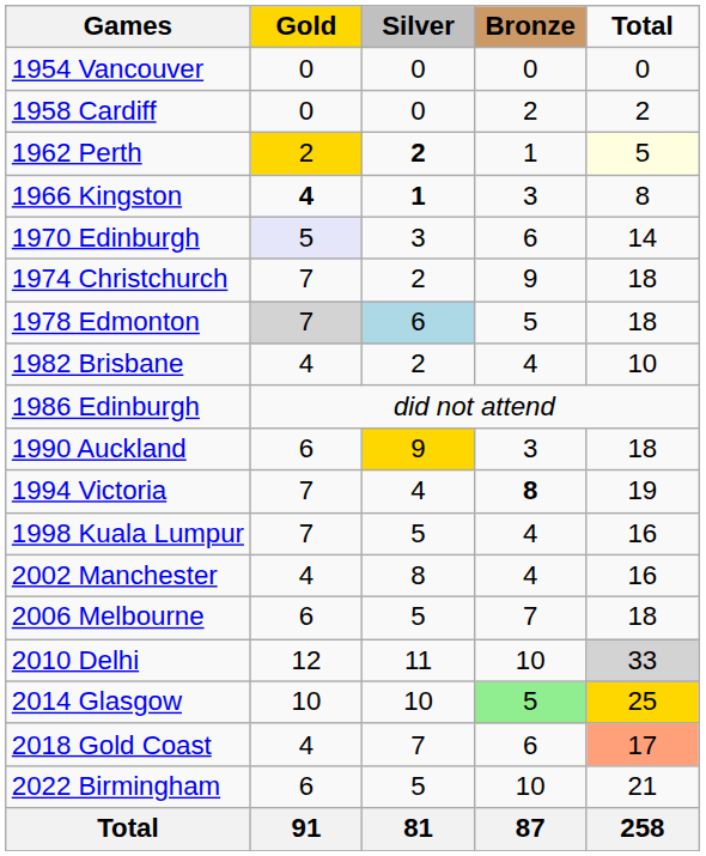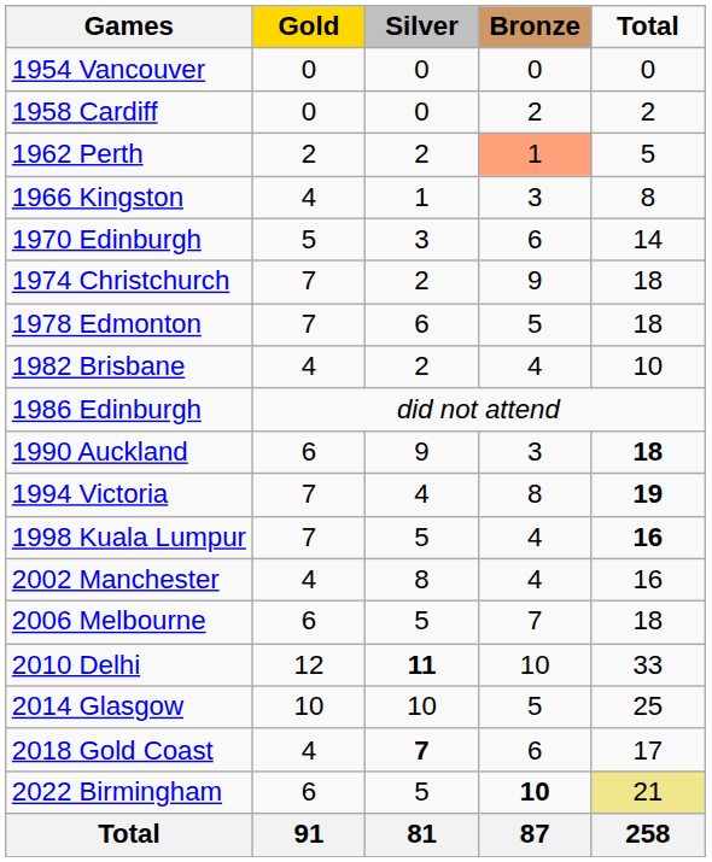 <table class="wikitable" style="text-align:center">
 <tr>
 <th>Games</th>
 <td width=60 bgcolor=gold><strong>Gold</strong></td>
 <td width=60 bgcolor=silver><strong>Silver</strong></td>
 <td width=60 bgcolor=cc9966><strong>Bronze</strong></td>
 <td width=60><strong>Total</strong></td>
 </tr>
 <tr>
 <td align=left><a href='#'>1954 Vancouver</a></td>
 <td>0</td>
 <td>0</td>
 <td>0</td>
 <td>0</td>
 </tr>
 <tr>
 <td align=left><a href='#'>1958 Cardiff</a></td>
 <td>0</td>
 <td>0</td>
 <td>2</td>
 <td>2</td>
 </tr>
 <tr>
 <td align=left><a href='#'>1962 Perth</a></td>
-<td style="background: gold;">2</td>
-<td><strong>2</strong></td>
-<td>1</td>
-<td style="background: lightyellow;">5</td>
+<td>2</td>
+<td>2</td>
+<td style="background: lightsalmon;">1</td>
+<td>5</td>
 </tr>
 <tr>
 <td align=left><a href='#'>1966 Kingston</a></td>
-<td><strong>4</strong></td>
-<td><strong>1</strong></td>
+<td>4</td>
+<td>1</td>
 <td>3</td>
 <td>8</td>
 </tr>
 <tr>
 <td align=left><a href='#'>1970 Edinburgh</a></td>
-<td style="background: lavender;">5</td>
+<td>5</td>
 <td>3</td>
 <td>6</td>
 <td>14</td>
 </tr>
 <tr>
 <td align=left><a href='#'>1974 Christchurch</a></td>
 <td>7</td>
 <td>2</td>
 <td>9</td>
 <td>18</td>
 </tr>
 <tr>
 <td align=left><a href='#'>1978 Edmonton</a></td>
-<td style="background: lightgrey;">7</td>
-<td style="background: lightblue;">6</td>
+<td>7</td>
+<td>6</td>
 <td>5</td>
 <td>18</td>
 </tr>
 <tr>
 <td align=left><a href='#'>1982 Brisbane</a></td>
 <td>4</td>
 <td>2</td>
 <td>4</td>
 <td>10</td>
 </tr>
 <tr>
 <td align=left><a href='#'>1986 Edinburgh</a></td>
 <td colspan=4><em>did not attend</em></td>
 </tr>
 <tr>
 <td align=left><a href='#'>1990 Auckland</a></td>
 <td>6</td>
-<td style="background: gold;">9</td>
+<td>9</td>
 <td>3</td>
-<td>18</td>
+<td><strong>18</strong></td>
 </tr>
 <tr>
 <td align=left><a href='#'>1994 Victoria</a></td>
 <td>7</td>
 <td>4</td>
-<td><strong>8</strong></td>
-<td>19</td>
+<td>8</td>
+<td><strong>19</strong></td>
 </tr>
 <tr>
 <td align=left><a href='#'>1998 Kuala Lumpur</a></td>
 <td>7</td>
 <td>5</td>
 <td>4</td>
-<td>16</td>
+<td><strong>16</strong></td>
 </tr>
 <tr>
 <td align=left><a href='#'>2002 Manchester</a></td>
 <td>4</td>
 <td>8</td>
 <td>4</td>
 <td>16</td>
 </tr>
 <tr>
 <td align=left><a href='#'>2006 Melbourne</a></td>
 <td>6</td>
 <td>5</td>
 <td>7</td>
 <td>18</td>
 </tr>
 <tr>
 <td align=left><a href='#'>2010 Delhi</a></td>
 <td>12</td>
-<td>11</td>
+<td><strong>11</strong></td>
 <td>10</td>
-<td style="background: lightgrey;">33</td>
+<td>33</td>
 </tr>
 <tr>
 <td align=left><a href='#'>2014 Glasgow</a></td>
 <td>10</td>
 <td>10</td>
-<td style="background: lightgreen;">5</td>
-<td style="background: gold;">25</td>
+<td>5</td>
+<td>25</td>
 </tr>
 <tr>
 <td align=left><a href='#'>2018 Gold Coast</a></td>
 <td>4</td>
-<td>7</td>
+<td><strong>7</strong></td>
 <td>6</td>
-<td style="background: lightsalmon;">17</td>
+<td>17</td>
 </tr>
 <tr>
 <td align=left><a href='#'>2022 Birmingham</a></td>
 <td>6</td>
 <td>5</td>
-<td>10</td>
-<td>21</td>
+<td><strong>10</strong></td>
+<td style="background: khaki;">21</td>
 </tr>
 <tr>
 <th>Total</th>
 <th>91</th>
 <th>81</th>
 <th>87</th>
 <th>258</th>
 </tr>
 </table>
